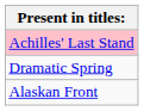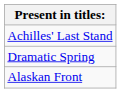 <table class="wikitable">
 <tr>
 <th>Present in titles:</th>
 </tr>
 <tr>
-<td style="background: pink;"><a href='#'>Achilles' Last Stand</a></td>
+<td><a href='#'>Achilles' Last Stand</a></td>
 </tr>
 <tr>
 <td><a href='#'>Dramatic Spring</a></td>
 </tr>
 <tr>
 <td><a href='#'>Alaskan Front</a></td>
 </tr>
 </table>
